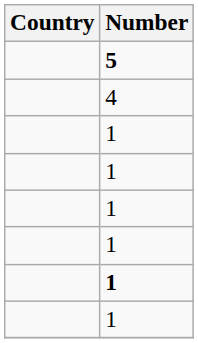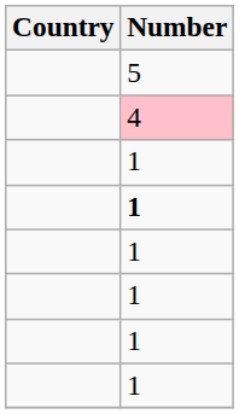 <table class="wikitable sortable">
 <tr>
 <th>Country</th>
 <th>Number</th>
 </tr>
 <tr>
 <td></td>
-<td><strong>5</strong></td>
+<td>5</td>
 </tr>
 <tr>
 <td></td>
-<td>4</td>
+<td style="background: pink;">4</td>
+</tr>
+<tr>
+<td></td>
+<td>1</td>
+</tr>
+<tr>
+<td></td>
+<td><strong>1</strong></td>
 </tr>
 <tr>
 <td></td>
 <td>1</td>
 </tr>
 <tr>
 <td></td>
 <td>1</td>
 </tr>
 <tr>
 <td></td>
 <td>1</td>
 </tr>
 <tr>
 <td></td>
 <td>1</td>
 </tr>
 <tr>
-<td></td>
-<td><strong>1</strong></td>
-</tr>
-<tr>
-<td></td>
-<td>1</td>
-</tr>
-<tr>
 </tr>
 </table>
